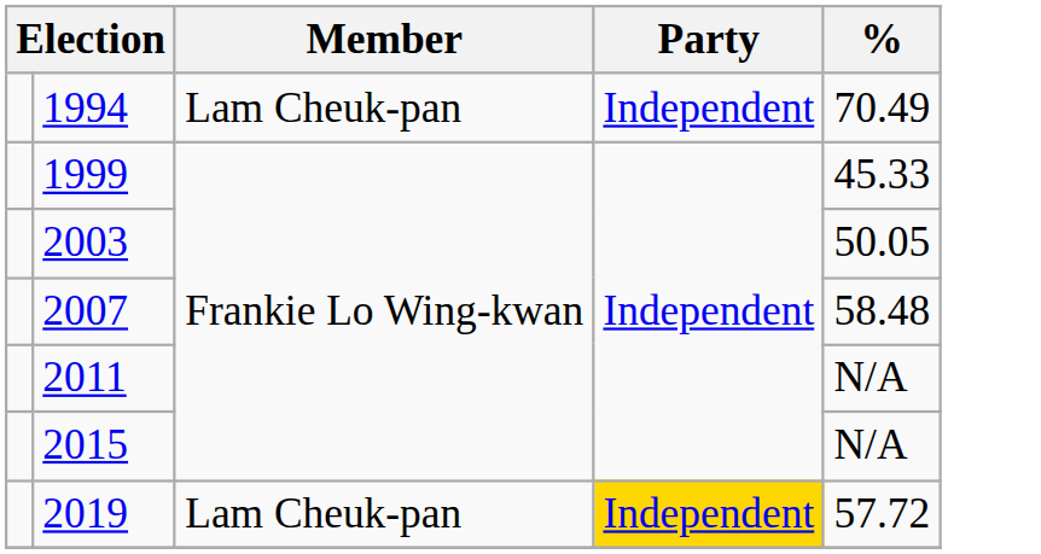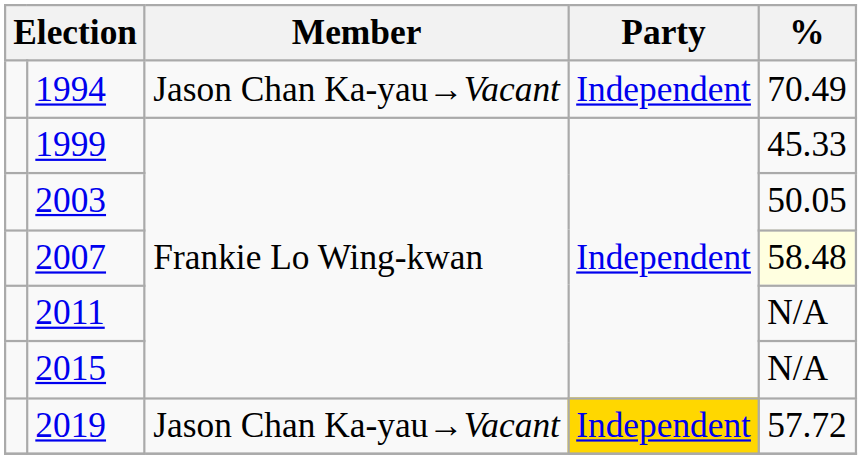 <table class="wikitable">
 <tr>
 <th colspan="2">Election</th>
 <th>Member</th>
 <th>Party</th>
 <th>%</th>
 </tr>
 <tr>
 <td style="background-color: "></td>
 <td><a href='#'>1994</a></td>
-<td>Lam Cheuk-pan</td>
+<td>Jason Chan Ka-yau→<em>Vacant</em></td>
 <td><a href='#'>Independent</a></td>
 <td>70.49</td>
 </tr>
 <tr>
 <td style="background-color: "></td>
 <td><a href='#'>1999</a></td>
 <td rowspan=5>Frankie Lo Wing-kwan</td>
 <td rowspan=5><a href='#'>Independent</a></td>
 <td>45.33</td>
 </tr>
 <tr>
 <td style="background-color: "></td>
 <td><a href='#'>2003</a></td>
 <td>50.05</td>
 </tr>
 <tr>
 <td style="background-color: "></td>
 <td><a href='#'>2007</a></td>
-<td>58.48</td>
+<td style="background: lightyellow;">58.48</td>
 </tr>
 <tr>
 <td style="background-color: "></td>
 <td><a href='#'>2011</a></td>
 <td>N/A</td>
 </tr>
 <tr>
 <td style="background-color: "></td>
 <td><a href='#'>2015</a></td>
 <td>N/A</td>
 </tr>
 <tr>
 <td style="background-color: "></td>
 <td><a href='#'>2019</a></td>
-<td>Lam Cheuk-pan</td>
+<td>Jason Chan Ka-yau→<em>Vacant</em></td>
 <td style="background: gold;"><a href='#'>Independent</a></td>
 <td>57.72</td>
 </tr>
 <tr>
 </tr>
 </table>
